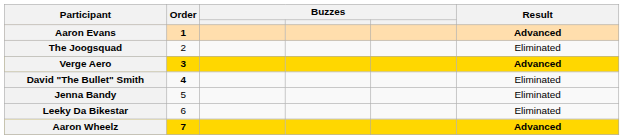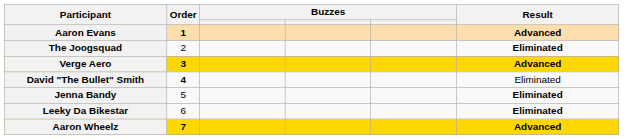 <table class="wikitable plainrowheaders sortable" style="text-align:center" width="50%;">
 <tr>
 <th scope="col" rowspan=2 class="unsortable" style="width:15em;">Participant</th>
 <th scope="col" rowspan=2 style="width:1em;">Order</th>
 <th scope="col" colspan=3 class="unsortable" style="width:24em;">Buzzes</th>
 <th scope="col" rowspan=2 style="width:15em;">Result</th>
 </tr>
 <tr>
 <th scope="col" class="unsortable" style="width:5em;"></th>
 <th scope="col" class="unsortable" style="width:5em;"></th>
 <th scope="col" class="unsortable" style="width:5em;"></th>
 </tr>
 <tr style="background:NavajoWhite">
 <th>Aaron Evans</th>
 <td><strong>1</strong></td>
 <td></td>
 <td></td>
 <td></td>
 <td><strong>Advanced</strong></td>
 </tr>
 <tr>
 <th>The Joogsquad</th>
 <td>2</td>
 <td></td>
 <td></td>
 <td></td>
-<td>Eliminated</td>
+<td><strong>Eliminated</strong></td>
 </tr>
 <tr style="background:gold">
 <th>Verge Aero</th>
 <td><strong>3</strong></td>
 <td></td>
 <td></td>
 <td></td>
 <td><strong>Advanced</strong></td>
 </tr>
 <tr>
 <th>David "The Bullet" Smith</th>
 <td><strong>4</strong></td>
 <td></td>
 <td></td>
 <td></td>
 <td>Eliminated</td>
 </tr>
 <tr>
 <th>Jenna Bandy</th>
 <td>5</td>
 <td></td>
 <td></td>
 <td></td>
-<td>Eliminated</td>
+<td><strong>Eliminated</strong></td>
 </tr>
 <tr>
 <th>Leeky Da Bikestar</th>
 <td>6</td>
 <td></td>
 <td></td>
 <td></td>
-<td>Eliminated</td>
+<td><strong>Eliminated</strong></td>
 </tr>
 <tr style="background:gold">
 <th>Aaron Wheelz</th>
 <td><strong>7</strong></td>
 <td></td>
 <td></td>
 <td></td>
 <td><strong>Advanced</strong></td>
 </tr>
 </table>
